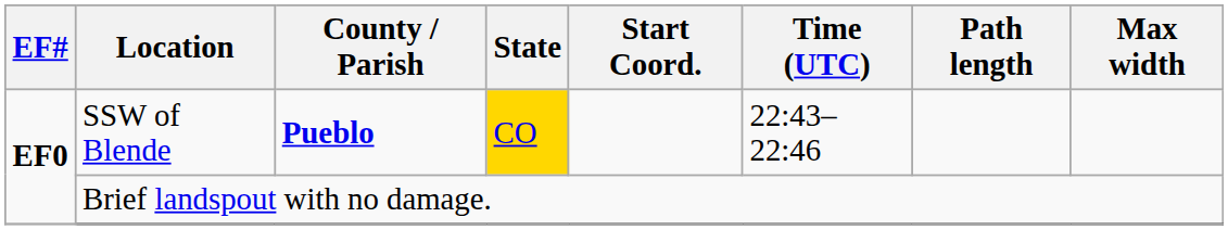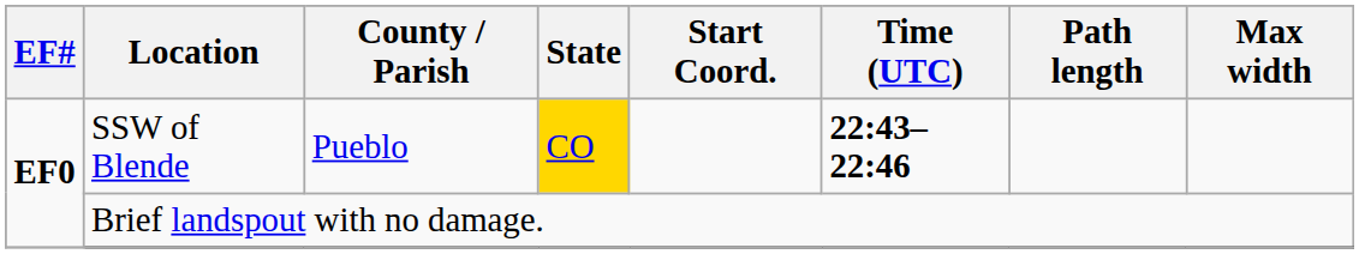 <table class="wikitable sortable" style="width:100%;">
 <tr>
 <th scope="col" width="2%" align="center"><a href='#'>EF#</a></th>
 <th scope="col" align="center" class="unsortable">Location</th>
 <th scope="col" align="center" class="unsortable">County / Parish</th>
 <th scope="col" align="center">State</th>
 <th scope="col" align="center" data-sort-type="number">Start Coord.</th>
 <th scope="col" align="center" data-sort-type="number">Time (<a href='#'>UTC</a>)</th>
 <th scope="col" align="center" data-sort-type="number">Path length</th>
 <th scope="col" align="center" data-sort-type="number">Max width</th>
 </tr>
 <tr>
 <td rowspan="2" align="center"><strong>EF0</strong></td>
 <td>SSW of <a href='#'>Blende</a></td>
-<td><strong><a href='#'>Pueblo</a></strong></td>
+<td><a href='#'>Pueblo</a></td>
 <td style="background: gold;"><a href='#'>CO</a></td>
 <td></td>
-<td>22:43–22:46</td>
+<td><strong>22:43–22:46</strong></td>
 <td></td>
 <td></td>
 </tr>
 <tr class="expand-child">
 <td colspan="8" style=" border-bottom: 1px solid black;">Brief <a href='#'>landspout</a> with no damage.</td>
 </tr>
 <tr>
 </tr>
 </table>
